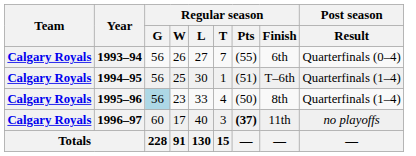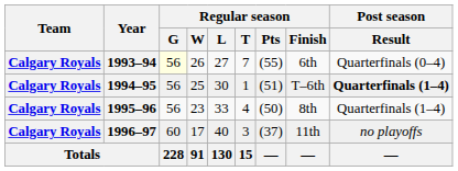 <table class="wikitable" style="font-size: 95%; text-align:center;">
 <tr>
 <th rowspan="2">Team</th>
 <th rowspan="2">Year</th>
 <th colspan="6">Regular season</th>
 <th colspan="1">Post season</th>
 </tr>
 <tr>
 <th>G</th>
 <th>W</th>
 <th>L</th>
 <th>T</th>
 <th>Pts</th>
 <th>Finish</th>
 <th>Result</th>
 </tr>
 <tr>
 <th><a href='#'>Calgary Royals</a></th>
 <th>1993–94</th>
-<td>56</td>
+<td style="background: lightyellow;">56</td>
 <td>26</td>
 <td>27</td>
 <td>7</td>
 <td>(55)</td>
 <td>6th</td>
 <td>Quarterfinals (0–4)</td>
 </tr>
 <tr bgcolor="f0f0f0">
 <th><a href='#'>Calgary Royals</a></th>
 <th>1994–95</th>
 <td>56</td>
 <td>25</td>
 <td>30</td>
 <td>1</td>
 <td>(51)</td>
 <td>T–6th</td>
-<td>Quarterfinals (1–4)</td>
+<td><strong>Quarterfinals (1–4)</strong></td>
 </tr>
 <tr>
 <th><a href='#'>Calgary Royals</a></th>
 <th>1995–96</th>
-<td style="background: lightblue;">56</td>
+<td>56</td>
 <td>23</td>
 <td>33</td>
 <td>4</td>
 <td>(50)</td>
 <td>8th</td>
 <td>Quarterfinals (1–4)</td>
 </tr>
 <tr bgcolor="f0f0f0">
 <th><a href='#'>Calgary Royals</a></th>
 <th>1996–97</th>
 <td>60</td>
 <td>17</td>
 <td>40</td>
 <td>3</td>
-<td><strong>(37)</strong></td>
+<td>(37)</td>
 <td>11th</td>
 <td><em>no playoffs</em></td>
 </tr>
 <tr bgcolor="#e0e0e0">
 <th colspan="2">Totals</th>
 <th>228</th>
 <th>91</th>
 <th>130</th>
 <th>15</th>
 <th>—</th>
 <th>—</th>
 <th>—</th>
 </tr>
 </table>
